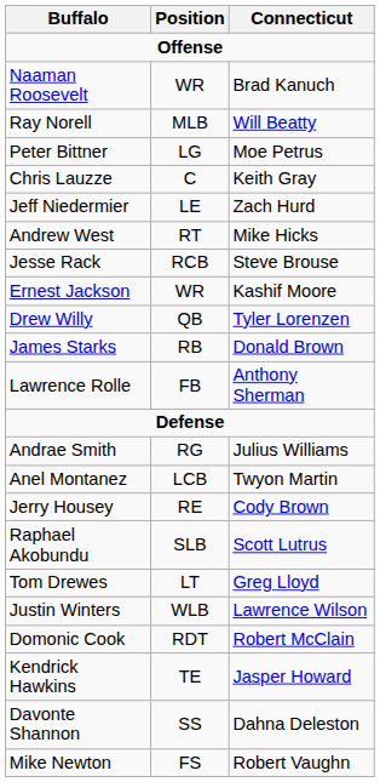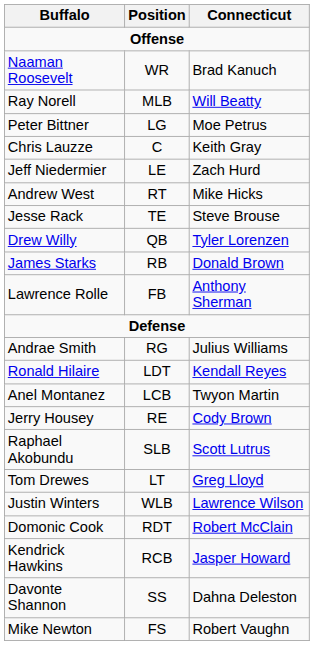 <table class="wikitable">
 <tr>
 <th width="125px">Buffalo</th>
 <th>Position</th>
 <th width="125px">Connecticut</th>
 </tr>
 <tr>
 <td colspan="3" align="center"><strong>Offense</strong></td>
 </tr>
 <tr>
 <td><a href='#'>Naaman Roosevelt</a></td>
 <td align="center">WR</td>
 <td>Brad Kanuch</td>
 </tr>
 <tr>
 <td>Ray Norell</td>
 <td align="center">MLB</td>
 <td><a href='#'>Will Beatty</a></td>
 </tr>
 <tr>
 <td>Peter Bittner</td>
 <td align="center">LG</td>
 <td>Moe Petrus</td>
 </tr>
 <tr>
 <td>Chris Lauzze</td>
 <td align="center">C</td>
 <td>Keith Gray</td>
 </tr>
 <tr>
 <td>Jeff Niedermier</td>
 <td align="center">LE</td>
 <td>Zach Hurd</td>
 </tr>
 <tr>
 <td>Andrew West</td>
 <td align="center">RT</td>
 <td>Mike Hicks</td>
 </tr>
 <tr>
 <td>Jesse Rack</td>
-<td align="center">RCB</td>
+<td align="center">TE</td>
 <td>Steve Brouse</td>
-</tr>
-<tr>
-<td><a href='#'>Ernest Jackson</a></td>
-<td align="center">WR</td>
-<td>Kashif Moore</td>
 </tr>
 <tr>
 <td><a href='#'>Drew Willy</a></td>
 <td align="center">QB</td>
 <td><a href='#'>Tyler Lorenzen</a></td>
 </tr>
 <tr>
 <td><a href='#'>James Starks</a></td>
 <td align="center">RB</td>
 <td><a href='#'>Donald Brown</a></td>
 </tr>
 <tr>
 <td>Lawrence Rolle</td>
 <td align="center">FB</td>
 <td><a href='#'>Anthony Sherman</a></td>
 </tr>
 <tr>
 <td colspan="3" align="center"><strong>Defense</strong></td>
 </tr>
 <tr>
 <td>Andrae Smith</td>
 <td align="center">RG</td>
 <td>Julius Williams</td>
+</tr>
+<tr>
+<td><a href='#'>Ronald Hilaire</a></td>
+<td align="center">LDT</td>
+<td><a href='#'>Kendall Reyes</a></td>
 </tr>
 <tr>
 <td>Anel Montanez</td>
 <td align="center">LCB</td>
 <td>Twyon Martin</td>
 </tr>
 <tr>
 <td>Jerry Housey</td>
 <td align="center">RE</td>
 <td><a href='#'>Cody Brown</a></td>
 </tr>
 <tr>
 <td>Raphael Akobundu</td>
 <td align="center">SLB</td>
 <td><a href='#'>Scott Lutrus</a></td>
 </tr>
 <tr>
 <td>Tom Drewes</td>
 <td align="center">LT</td>
 <td><a href='#'>Greg Lloyd</a></td>
 </tr>
 <tr>
 <td>Justin Winters</td>
 <td align="center">WLB</td>
 <td><a href='#'>Lawrence Wilson</a></td>
 </tr>
 <tr>
 <td>Domonic Cook</td>
 <td align="center">RDT</td>
 <td><a href='#'>Robert McClain</a></td>
 </tr>
 <tr>
 <td>Kendrick Hawkins</td>
-<td align="center">TE</td>
+<td align="center">RCB</td>
 <td><a href='#'>Jasper Howard</a></td>
 </tr>
 <tr>
 <td>Davonte Shannon</td>
 <td align="center">SS</td>
 <td>Dahna Deleston</td>
 </tr>
 <tr>
 <td>Mike Newton</td>
 <td align="center">FS</td>
 <td>Robert Vaughn</td>
 </tr>
 </table>
